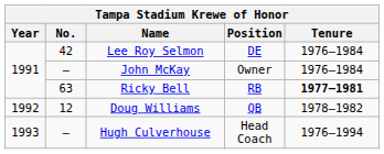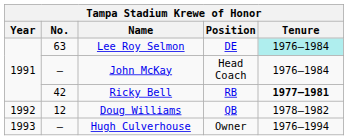 <table class="wikitable" style="text-align:center">
 <tr>
 <th colspan="5">Tampa Stadium Krewe of Honor</th>
 </tr>
 <tr>
 <th style="width:40px; ">Year</th>
 <th style="width:40px; ">No.</th>
 <th style="width:150px; ">Name</th>
 <th style="width:40px; ">Position</th>
 <th style="width:100px; ">Tenure</th>
 </tr>
 <tr>
 <td rowspan=3>1991</td>
-<td>42</td>
+<td>63</td>
 <td><a href='#'>Lee Roy Selmon</a></td>
 <td><a href='#'>DE</a></td>
-<td>1976–1984</td>
+<td style="background: paleturquoise;">1976–1984</td>
 </tr>
 <tr>
 <td>—</td>
 <td><a href='#'>John McKay</a></td>
-<td>Owner</td>
+<td>Head Coach</td>
 <td>1976–1984</td>
 </tr>
 <tr>
-<td>63</td>
+<td>42</td>
 <td><a href='#'>Ricky Bell</a></td>
 <td><a href='#'>RB</a></td>
 <td><strong>1977–1981</strong></td>
 </tr>
 <tr>
 <td>1992</td>
 <td>12</td>
 <td><a href='#'>Doug Williams</a></td>
 <td><a href='#'>QB</a></td>
 <td>1978–1982</td>
 </tr>
 <tr>
 <td>1993</td>
 <td>—</td>
 <td><a href='#'>Hugh Culverhouse</a></td>
-<td>Head Coach</td>
+<td>Owner</td>
 <td>1976–1994</td>
 </tr>
 </table>
